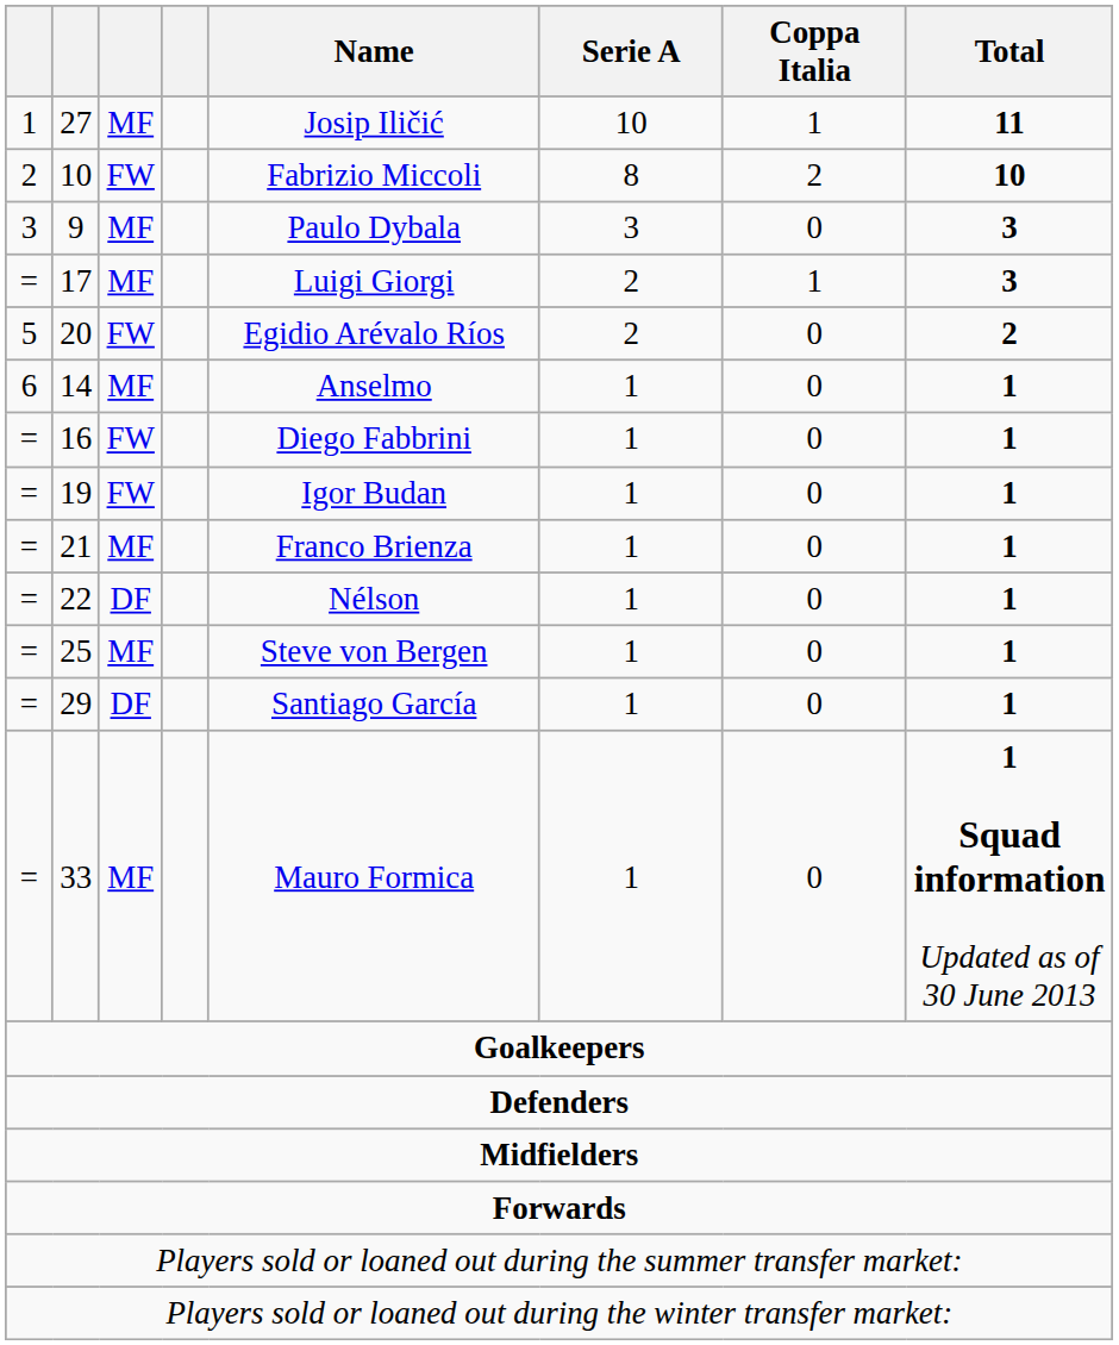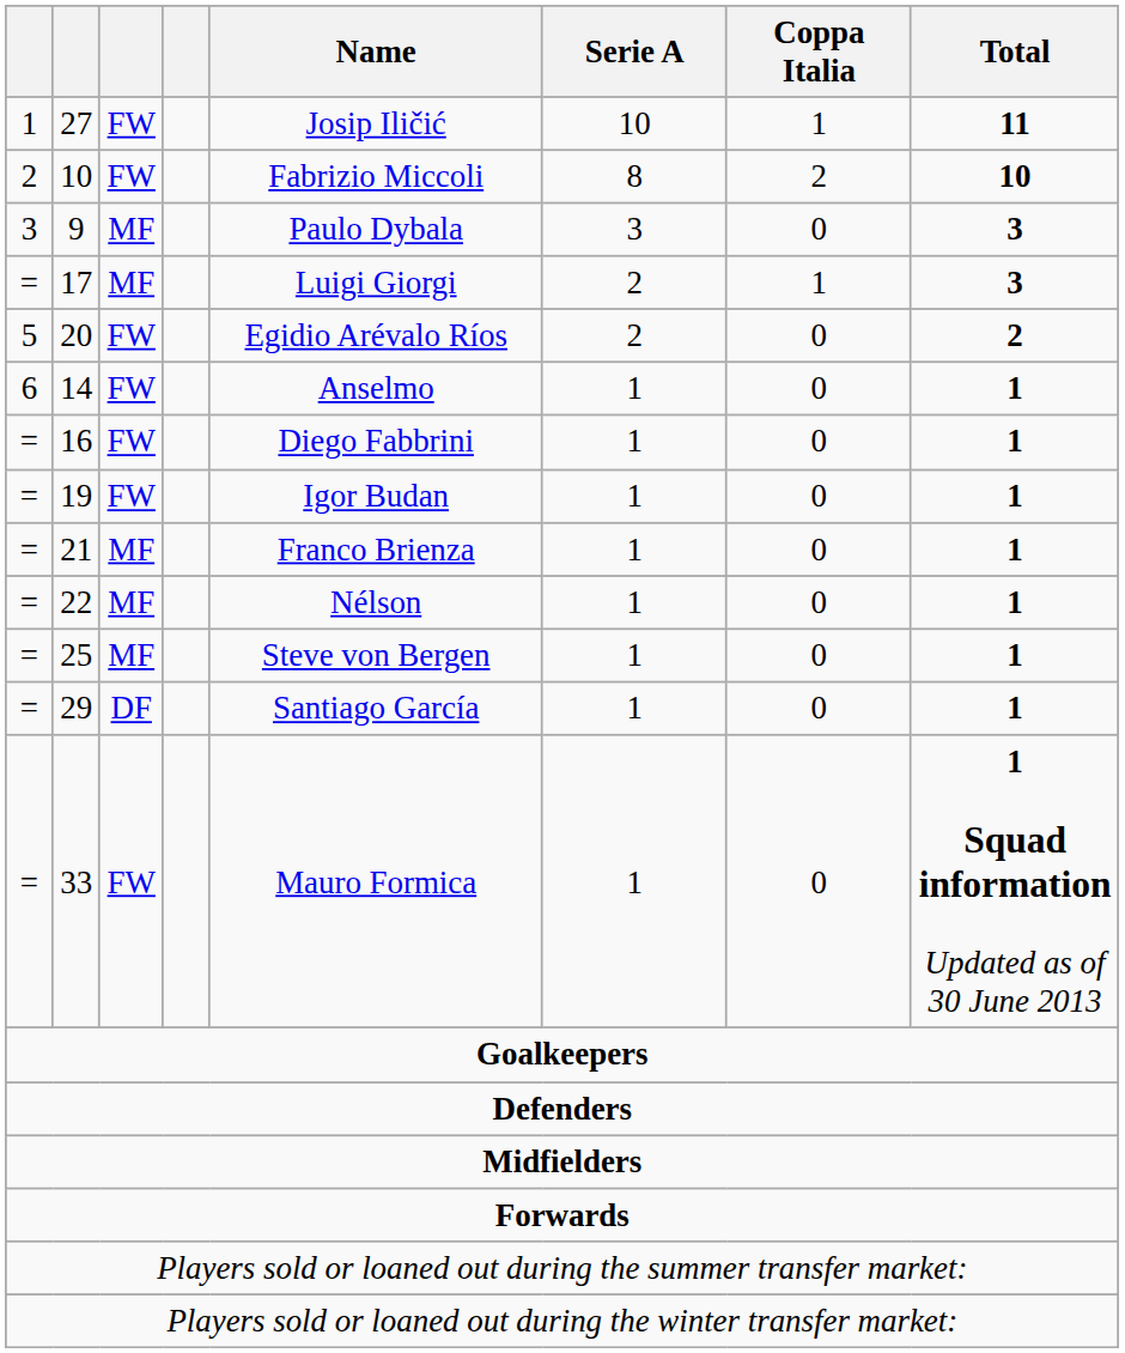 <table class="wikitable sortable" style="font-size: 95%; text-align: center;">
 <tr>
 <th width=15></th>
 <th width=15></th>
 <th width=15></th>
 <th width=15></th>
 <th width=150>Name</th>
 <th width=80>Serie A</th>
 <th width=80>Coppa Italia</th>
 <th width=80><strong>Total</strong></th>
 </tr>
 <tr>
 <td>1</td>
 <td>27</td>
-<td><a href='#'>MF</a></td>
+<td><a href='#'>FW</a></td>
 <td></td>
 <td><a href='#'>Josip Iličić</a></td>
 <td>10</td>
 <td>1</td>
 <td><strong>11</strong></td>
 </tr>
 <tr>
 <td>2</td>
 <td>10</td>
 <td><a href='#'>FW</a></td>
 <td></td>
 <td><a href='#'>Fabrizio Miccoli</a></td>
 <td>8</td>
 <td>2</td>
 <td><strong>10</strong></td>
 </tr>
 <tr>
 <td>3</td>
 <td>9</td>
 <td><a href='#'>MF</a></td>
 <td></td>
 <td><a href='#'>Paulo Dybala</a></td>
 <td>3</td>
 <td>0</td>
 <td><strong>3</strong></td>
 </tr>
 <tr>
 <td>=</td>
 <td>17</td>
 <td><a href='#'>MF</a></td>
 <td></td>
 <td><a href='#'>Luigi Giorgi</a></td>
 <td>2</td>
 <td>1</td>
 <td><strong>3</strong></td>
 </tr>
 <tr>
 <td>5</td>
 <td>20</td>
 <td><a href='#'>FW</a></td>
 <td></td>
 <td><a href='#'>Egidio Arévalo Ríos</a></td>
 <td>2</td>
 <td>0</td>
 <td><strong>2</strong></td>
 </tr>
 <tr>
 <td>6</td>
 <td>14</td>
-<td><a href='#'>MF</a></td>
+<td><a href='#'>FW</a></td>
 <td></td>
 <td><a href='#'>Anselmo</a></td>
 <td>1</td>
 <td>0</td>
 <td><strong>1</strong></td>
 </tr>
 <tr>
 <td>=</td>
 <td>16</td>
 <td><a href='#'>FW</a></td>
 <td></td>
 <td><a href='#'>Diego Fabbrini</a></td>
 <td>1</td>
 <td>0</td>
 <td><strong>1</strong></td>
 </tr>
 <tr>
 <td>=</td>
 <td>19</td>
 <td><a href='#'>FW</a></td>
 <td></td>
 <td><a href='#'>Igor Budan</a></td>
 <td>1</td>
 <td>0</td>
 <td><strong>1</strong></td>
 </tr>
 <tr>
 <td>=</td>
 <td>21</td>
 <td><a href='#'>MF</a></td>
 <td></td>
 <td><a href='#'>Franco Brienza</a></td>
 <td>1</td>
 <td>0</td>
 <td><strong>1</strong></td>
 </tr>
 <tr>
 <td>=</td>
 <td>22</td>
-<td><a href='#'>DF</a></td>
+<td><a href='#'>MF</a></td>
 <td></td>
 <td><a href='#'>Nélson</a></td>
 <td>1</td>
 <td>0</td>
 <td><strong>1</strong></td>
 </tr>
 <tr>
 <td>=</td>
 <td>25</td>
 <td><a href='#'>MF</a></td>
 <td></td>
 <td><a href='#'>Steve von Bergen</a></td>
 <td>1</td>
 <td>0</td>
 <td><strong>1</strong></td>
 </tr>
 <tr>
 <td>=</td>
 <td>29</td>
 <td><a href='#'>DF</a></td>
 <td></td>
 <td><a href='#'>Santiago García</a></td>
 <td>1</td>
 <td>0</td>
 <td><strong>1</strong></td>
 </tr>
 <tr>
 <td>=</td>
 <td>33</td>
-<td><a href='#'>MF</a></td>
+<td><a href='#'>FW</a></td>
 <td></td>
 <td><a href='#'>Mauro Formica</a></td>
 <td>1</td>
 <td>0</td>
 <td><strong>1</strong><br><h3>Squad information</h3><em>Updated as of 30 June 2013</em> </td>
 </tr>
 <tr>
 <td colspan="12"><strong>Goalkeepers</strong><br>  </td>
 </tr>
 <tr>
 <td colspan="12"><strong>Defenders</strong><br>      </td>
 </tr>
 <tr>
 <td colspan="12"><strong>Midfielders</strong><br>          </td>
 </tr>
 <tr>
 <td colspan="12"><strong>Forwards</strong><br>      </td>
 </tr>
 <tr>
 <td colspan="12"><em>Players sold or loaned out during the summer transfer market:</em><br></td>
 </tr>
 <tr>
 <td colspan="12"><em>Players sold or loaned out during the winter transfer market:</em><br>         </td>
 </tr>
 </table>
